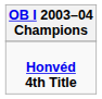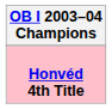 <table class="wikitable" style="text-align: center; margin: 0 auto;">
 <tr>
 <th><a href='#'>OB I</a> 2003–04<br>Champions</th>
 </tr>
 <tr>
 </tr>
 <tr>
-<td><br><strong><a href='#'>Honvéd</a></strong><br><strong>4th Title</strong></td>
+<td style="background: pink;"><br><strong><a href='#'>Honvéd</a></strong><br><strong>4th Title</strong></td>
 </tr>
 </table>
